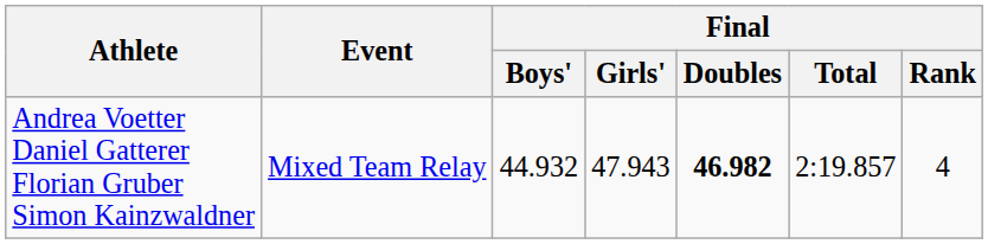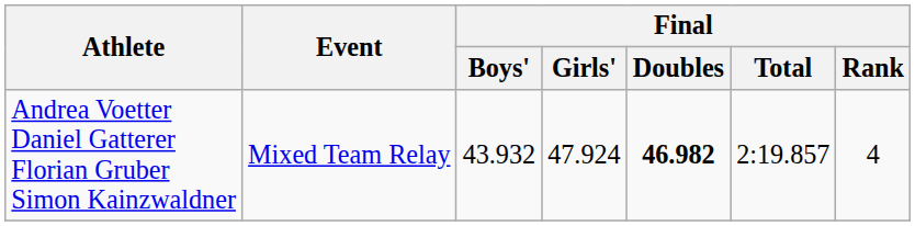 <table class="wikitable">
 <tr>
 <th rowspan="2">Athlete</th>
 <th rowspan="2">Event</th>
 <th colspan="5">Final</th>
 </tr>
 <tr>
 <th>Boys'</th>
 <th>Girls'</th>
 <th>Doubles</th>
 <th>Total</th>
 <th>Rank</th>
 </tr>
 <tr>
 <td><a href='#'>Andrea Voetter</a><br><a href='#'>Daniel Gatterer</a><br><a href='#'>Florian Gruber</a><br><a href='#'>Simon Kainzwaldner</a></td>
 <td><a href='#'>Mixed Team Relay</a></td>
-<td align="center">44.932</td>
-<td align="center">47.943</td>
+<td align="center">43.932</td>
+<td align="center">47.924</td>
 <td align="center"><strong>46.982</strong></td>
 <td align="center">2:19.857</td>
 <td align="center">4</td>
 </tr>
 </table>
